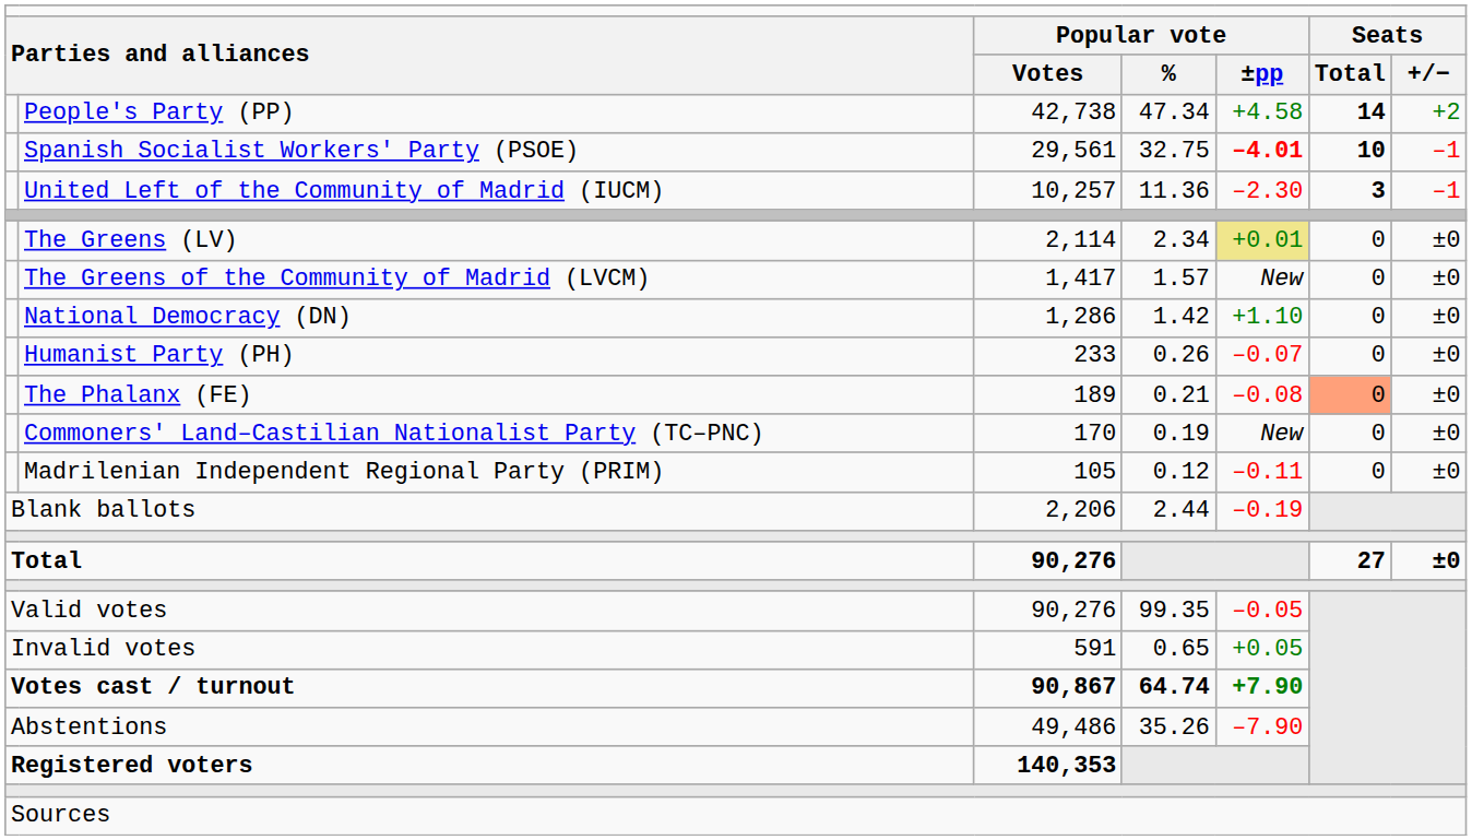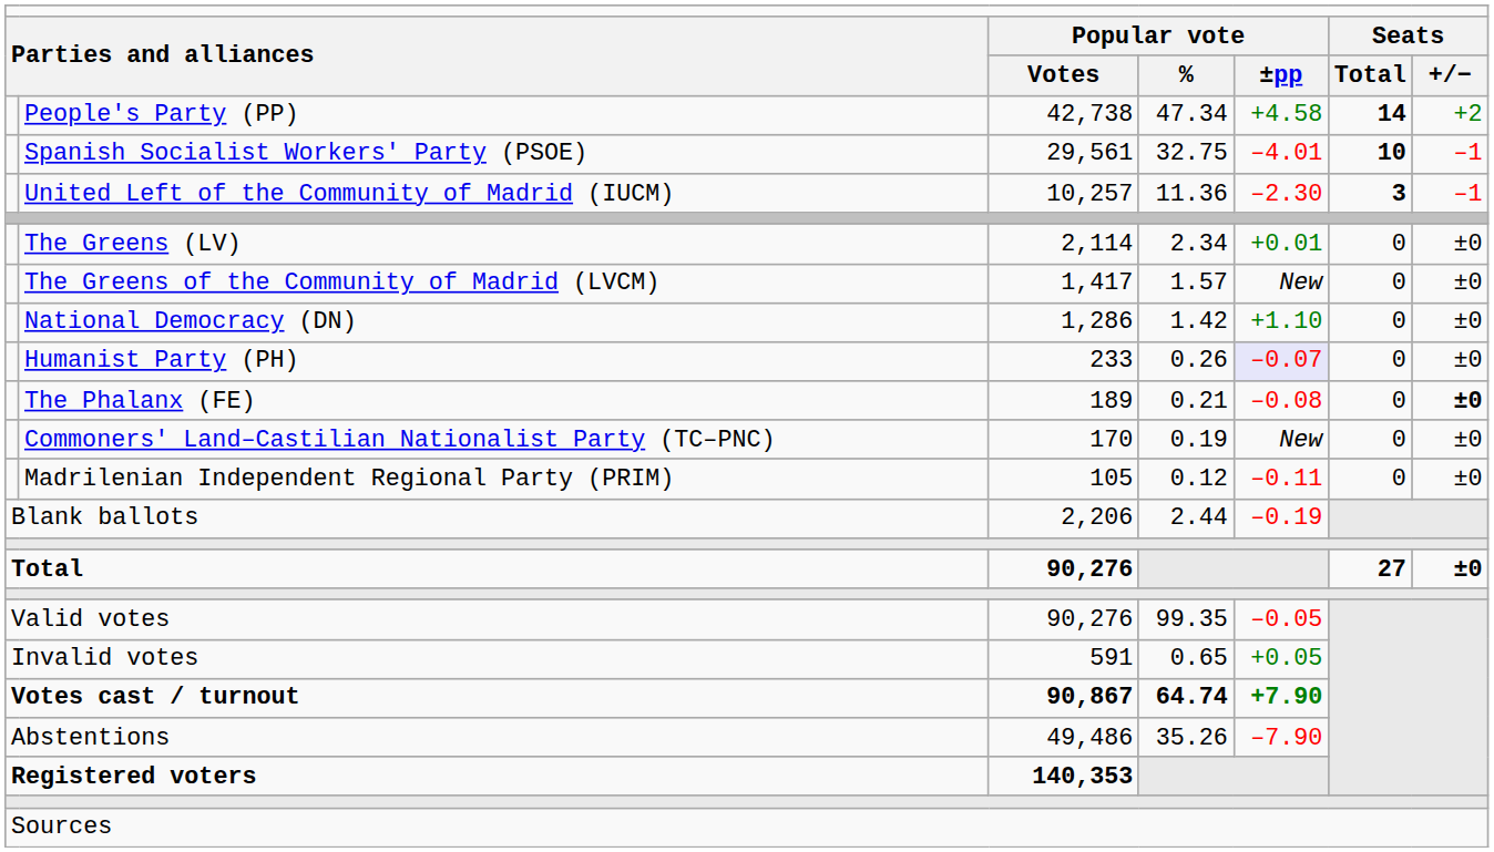 <table class="wikitable" style="text-align:right;">
 <tr>
 <td colspan="7"></td>
 </tr>
 <tr>
 <th style="text-align:left;" rowspan="2" colspan="2" width="525">Parties and alliances</th>
 <th colspan="3">Popular vote</th>
 <th colspan="2">Seats</th>
 </tr>
 <tr>
 <th width="75">Votes</th>
 <th width="45">%</th>
 <th width="45">±<a href='#'>pp</a></th>
 <th width="35">Total</th>
 <th width="35">+/−</th>
 </tr>
 <tr>
 <td width="1" style="color:inherit;background:"></td>
 <td align="left"><a href='#'>People's Party</a> (PP)</td>
 <td>42,738</td>
 <td>47.34</td>
 <td style="color:green;">+4.58</td>
 <td><strong>14</strong></td>
 <td style="color:green;">+2</td>
 </tr>
 <tr>
 <td style="color:inherit;background:"></td>
 <td align="left"><a href='#'>Spanish Socialist Workers' Party</a> (PSOE)</td>
 <td>29,561</td>
 <td>32.75</td>
-<td style="color:red;"><strong>–4.01</strong></td>
+<td style="color:red;">–4.01</td>
 <td><strong>10</strong></td>
 <td style="color:red;">–1</td>
 </tr>
 <tr>
 <td style="color:inherit;background:"></td>
 <td align="left"><a href='#'>United Left of the Community of Madrid</a> (IUCM)</td>
 <td>10,257</td>
 <td>11.36</td>
 <td style="color:red;">–2.30</td>
 <td><strong>3</strong></td>
 <td style="color:red;">–1</td>
 </tr>
 <tr>
 <td colspan="7" bgcolor="#C0C0C0"></td>
 </tr>
 <tr>
 <td style="color:inherit;background:"></td>
 <td align="left"><a href='#'>The Greens</a> (LV)</td>
 <td>2,114</td>
 <td>2.34</td>
-<td style="background: khaki; color:green;">+0.01</td>
+<td style="color:green;">+0.01</td>
 <td>0</td>
 <td>±0</td>
 </tr>
 <tr>
 <td style="color:inherit;background:"></td>
 <td align="left"><a href='#'>The Greens of the Community of Madrid</a> (LVCM)</td>
 <td>1,417</td>
 <td>1.57</td>
 <td><em>New</em></td>
 <td>0</td>
 <td>±0</td>
 </tr>
 <tr>
 <td style="color:inherit;background:"></td>
 <td align="left"><a href='#'>National Democracy</a> (DN)</td>
 <td>1,286</td>
 <td>1.42</td>
 <td style="color:green;">+1.10</td>
 <td>0</td>
 <td>±0</td>
 </tr>
 <tr>
 <td style="color:inherit;background:"></td>
 <td align="left"><a href='#'>Humanist Party</a> (PH)</td>
 <td>233</td>
 <td>0.26</td>
-<td style="color:red;">–0.07</td>
+<td style="background: lavender; color:red;">–0.07</td>
 <td>0</td>
 <td>±0</td>
 </tr>
 <tr>
 <td style="color:inherit;background:"></td>
 <td align="left"><a href='#'>The Phalanx</a> (FE)</td>
 <td>189</td>
 <td>0.21</td>
 <td style="color:red;">–0.08</td>
-<td style="background: lightsalmon;">0</td>
-<td>±0</td>
+<td>0</td>
+<td><strong>±0</strong></td>
 </tr>
 <tr>
 <td style="color:inherit;background:"></td>
 <td align="left"><a href='#'>Commoners' Land–Castilian Nationalist Party</a> (TC–PNC)</td>
 <td>170</td>
 <td>0.19</td>
 <td><em>New</em></td>
 <td>0</td>
 <td>±0</td>
 </tr>
 <tr>
 <td style="color:inherit;background:"></td>
 <td align="left">Madrilenian Independent Regional Party (PRIM)</td>
 <td>105</td>
 <td>0.12</td>
 <td style="color:red;">–0.11</td>
 <td>0</td>
 <td>±0</td>
 </tr>
 <tr>
 <td align="left" colspan="2">Blank ballots</td>
 <td>2,206</td>
 <td>2.44</td>
 <td style="color:red;">–0.19</td>
 <td bgcolor="#E9E9E9" colspan="2"></td>
 </tr>
 <tr>
 <td colspan="7" bgcolor="#E9E9E9"></td>
 </tr>
 <tr style="font-weight:bold;">
 <td align="left" colspan="2">Total</td>
 <td>90,276</td>
 <td bgcolor="#E9E9E9" colspan="2"></td>
 <td>27</td>
 <td>±0</td>
 </tr>
 <tr>
 <td colspan="7" bgcolor="#E9E9E9"></td>
 </tr>
 <tr>
 <td align="left" colspan="2">Valid votes</td>
 <td>90,276</td>
 <td>99.35</td>
 <td style="color:red;">–0.05</td>
 <td bgcolor="#E9E9E9" colspan="2" rowspan="5"></td>
 </tr>
 <tr>
 <td align="left" colspan="2">Invalid votes</td>
 <td>591</td>
 <td>0.65</td>
 <td style="color:green;">+0.05</td>
 </tr>
 <tr style="font-weight:bold;">
 <td align="left" colspan="2">Votes cast / turnout</td>
 <td>90,867</td>
 <td>64.74</td>
 <td style="color:green;">+7.90</td>
 </tr>
 <tr>
 <td align="left" colspan="2">Abstentions</td>
 <td>49,486</td>
 <td>35.26</td>
 <td style="color:red;">–7.90</td>
 </tr>
 <tr style="font-weight:bold;">
 <td align="left" colspan="2">Registered voters</td>
 <td>140,353</td>
 <td bgcolor="#E9E9E9" colspan="2"></td>
 </tr>
 <tr>
 <td colspan="7" bgcolor="#E9E9E9"></td>
 </tr>
 <tr>
 <td align="left" colspan="7">Sources</td>
 </tr>
 </table>
